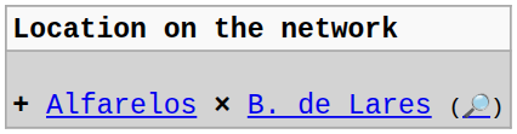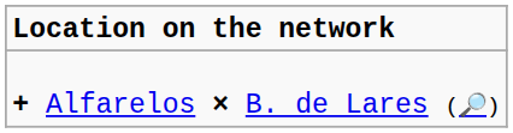 <table role="presentation" class="wikitable mw-collapsible mw-collapsed floatright">
 <tr>
 <td><strong>Location on the network</strong></td>
 </tr>
 <tr>
-<td style="background: lightgrey;"><br><span><strong>+</strong> <a href='#'>Alfarelos</a></span> <span><strong>×</strong> <a href='#'>B. de Lares</a></span> <small>(<a href='#'>🔎</a>)</small></td>
+<td><br><span><strong>+</strong> <a href='#'>Alfarelos</a></span> <span><strong>×</strong> <a href='#'>B. de Lares</a></span> <small>(<a href='#'>🔎</a>)</small></td>
 </tr>
 </table>
